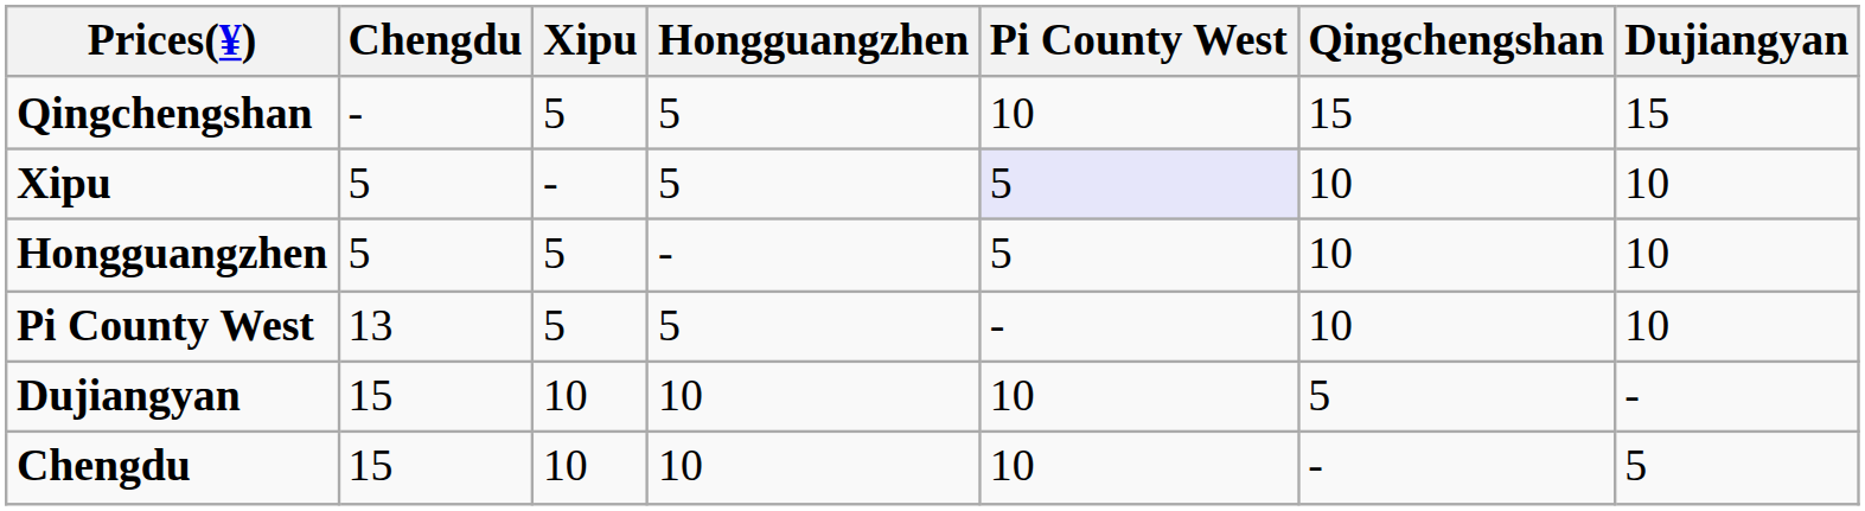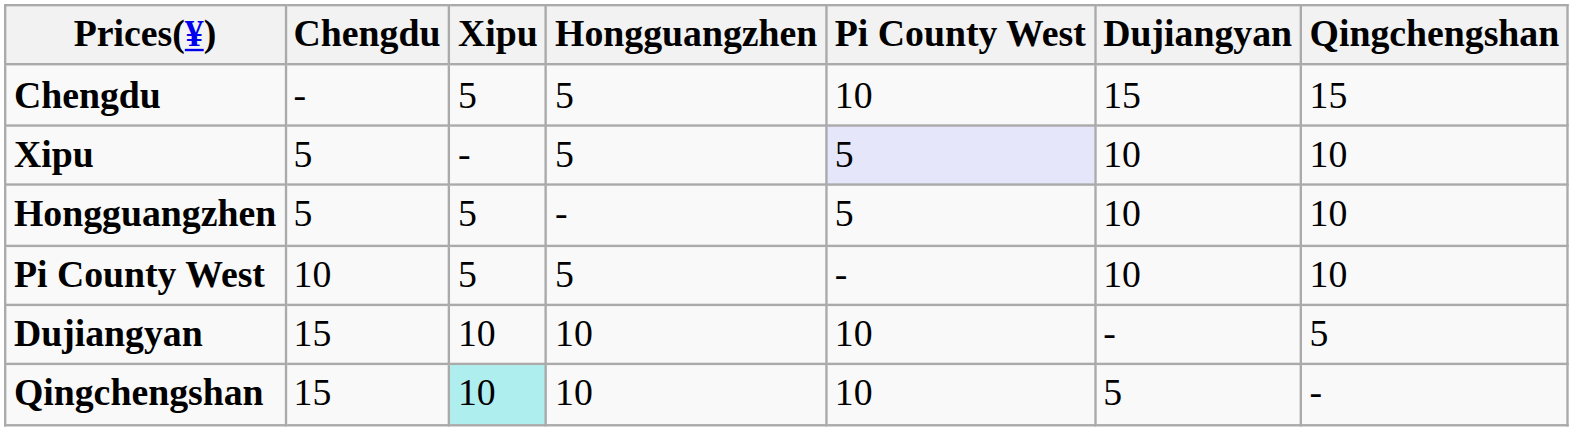 <table class="wikitable" align="center">
 <tr>
 <th>Prices(<a href='#'>¥</a>)</th>
 <th>Chengdu</th>
 <th>Xipu</th>
 <th>Hongguangzhen</th>
 <th>Pi County West</th>
+<th>Dujiangyan</th>
 <th>Qingchengshan</th>
-<th>Dujiangyan</th>
 </tr>
 <tr>
-<td><strong>Qingchengshan</strong></td>
+<td><strong>Chengdu</strong></td>
 <td>-</td>
 <td>5</td>
 <td>5</td>
 <td>10</td>
 <td>15</td>
 <td>15</td>
 </tr>
 <tr>
 <td><strong>Xipu</strong></td>
 <td>5</td>
 <td>-</td>
 <td>5</td>
 <td style="background: lavender;">5</td>
 <td>10</td>
 <td>10</td>
 </tr>
 <tr>
 <td><strong>Hongguangzhen</strong></td>
 <td>5</td>
 <td>5</td>
 <td>-</td>
 <td>5</td>
 <td>10</td>
 <td>10</td>
 </tr>
 <tr>
 <td><strong>Pi County West</strong></td>
-<td>13</td>
+<td>10</td>
 <td>5</td>
 <td>5</td>
 <td>-</td>
 <td>10</td>
 <td>10</td>
 </tr>
 <tr>
 <td><strong>Dujiangyan</strong></td>
 <td>15</td>
 <td>10</td>
 <td>10</td>
 <td>10</td>
+<td>-</td>
+<td>5</td>
+</tr>
+<tr>
+<td><strong>Qingchengshan</strong></td>
+<td>15</td>
+<td style="background: paleturquoise;">10</td>
+<td>10</td>
+<td>10</td>
 <td>5</td>
 <td>-</td>
 </tr>
-<tr>
-<td><strong>Chengdu</strong></td>
-<td>15</td>
-<td>10</td>
-<td>10</td>
-<td>10</td>
-<td>-</td>
-<td>5</td>
-</tr>
 </table>
